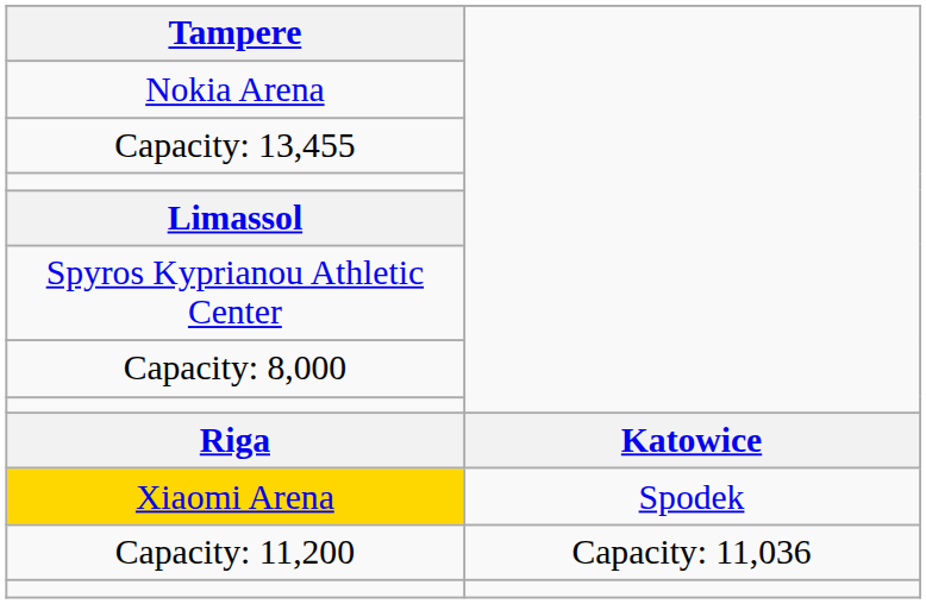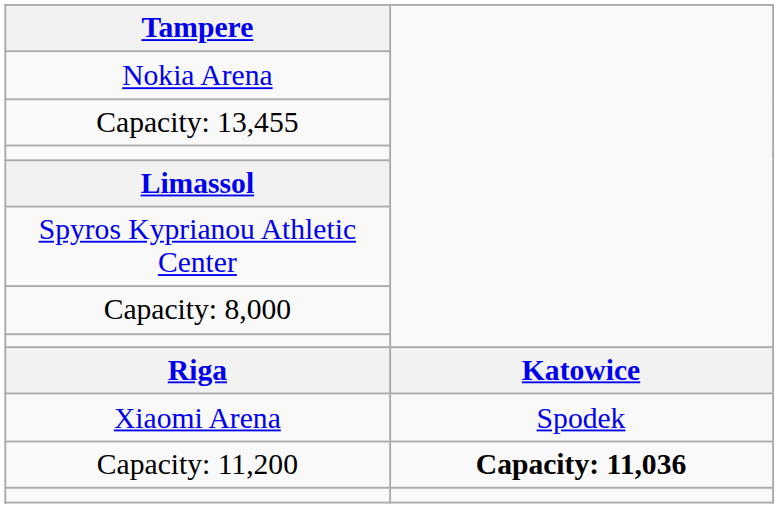 <table class="wikitable" style="text-align:center;margin:1em auto;">
 <tr>
 <th width=200px><a href='#'>Tampere</a></th>
 <td colspan=2 rowspan=8></td>
 </tr>
 <tr>
 <td><a href='#'>Nokia Arena</a></td>
 </tr>
 <tr>
 <td>Capacity: 13,455</td>
 </tr>
 <tr>
 <td></td>
 </tr>
 <tr>
 <th><a href='#'>Limassol</a></th>
 </tr>
 <tr>
 <td><a href='#'>Spyros Kyprianou Athletic Center</a></td>
 </tr>
 <tr>
 <td>Capacity: 8,000</td>
 </tr>
 <tr>
 <td></td>
 </tr>
 <tr>
 <th width=200px><a href='#'>Riga</a></th>
 <th width=200px><a href='#'>Katowice</a></th>
 </tr>
 <tr>
-<td style="background: gold;"><a href='#'>Xiaomi Arena</a></td>
+<td><a href='#'>Xiaomi Arena</a></td>
 <td><a href='#'>Spodek</a></td>
 </tr>
 <tr>
 <td>Capacity: 11,200</td>
-<td>Capacity: 11,036</td>
+<td><strong>Capacity: 11,036</strong></td>
 </tr>
 <tr>
 <td></td>
 <td></td>
 </tr>
 </table>
